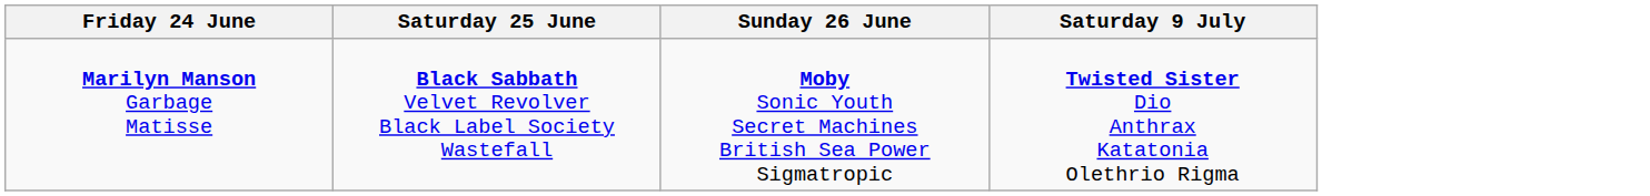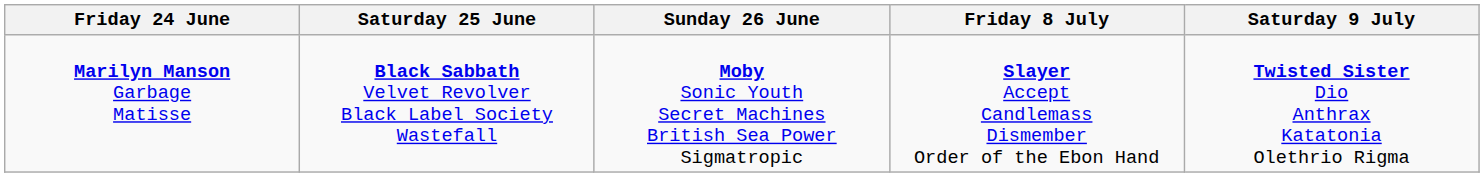 <table class="wikitable">
 <tr>
 <th>Friday 24 June</th>
 <th>Saturday 25 June</th>
 <th>Sunday 26 June</th>
+<th>Friday 8 July</th>
 <th>Saturday 9 July</th>
 </tr>
 <tr>
 <td valign="top" align="center" width=200><br><strong><a href='#'>Marilyn Manson</a></strong> <br><a href='#'>Garbage</a> <br><a href='#'>Matisse</a></td>
 <td valign="top" align="center" width=200><br><strong><a href='#'>Black Sabbath</a></strong> <br><a href='#'>Velvet Revolver</a> <br><a href='#'>Black Label Society</a> <br><a href='#'>Wastefall</a></td>
 <td valign="top" align="center" width=200><br><strong><a href='#'>Moby</a></strong> <br><a href='#'>Sonic Youth</a> <br><a href='#'>Secret Machines</a> <br><a href='#'>British Sea Power</a> <br>Sigmatropic</td>
+<td valign="top" align="center" width=200><br><strong><a href='#'>Slayer</a></strong> <br><a href='#'>Accept</a> <br><a href='#'>Candlemass</a> <br><a href='#'>Dismember</a> <br>Order of the Ebon Hand</td>
 <td valign="top" align="center" width=200><br><strong><a href='#'>Twisted Sister</a></strong> <br><a href='#'>Dio</a> <br><a href='#'>Anthrax</a> <br><a href='#'>Katatonia</a> <br>Olethrio Rigma</td>
 </tr>
 </table>
